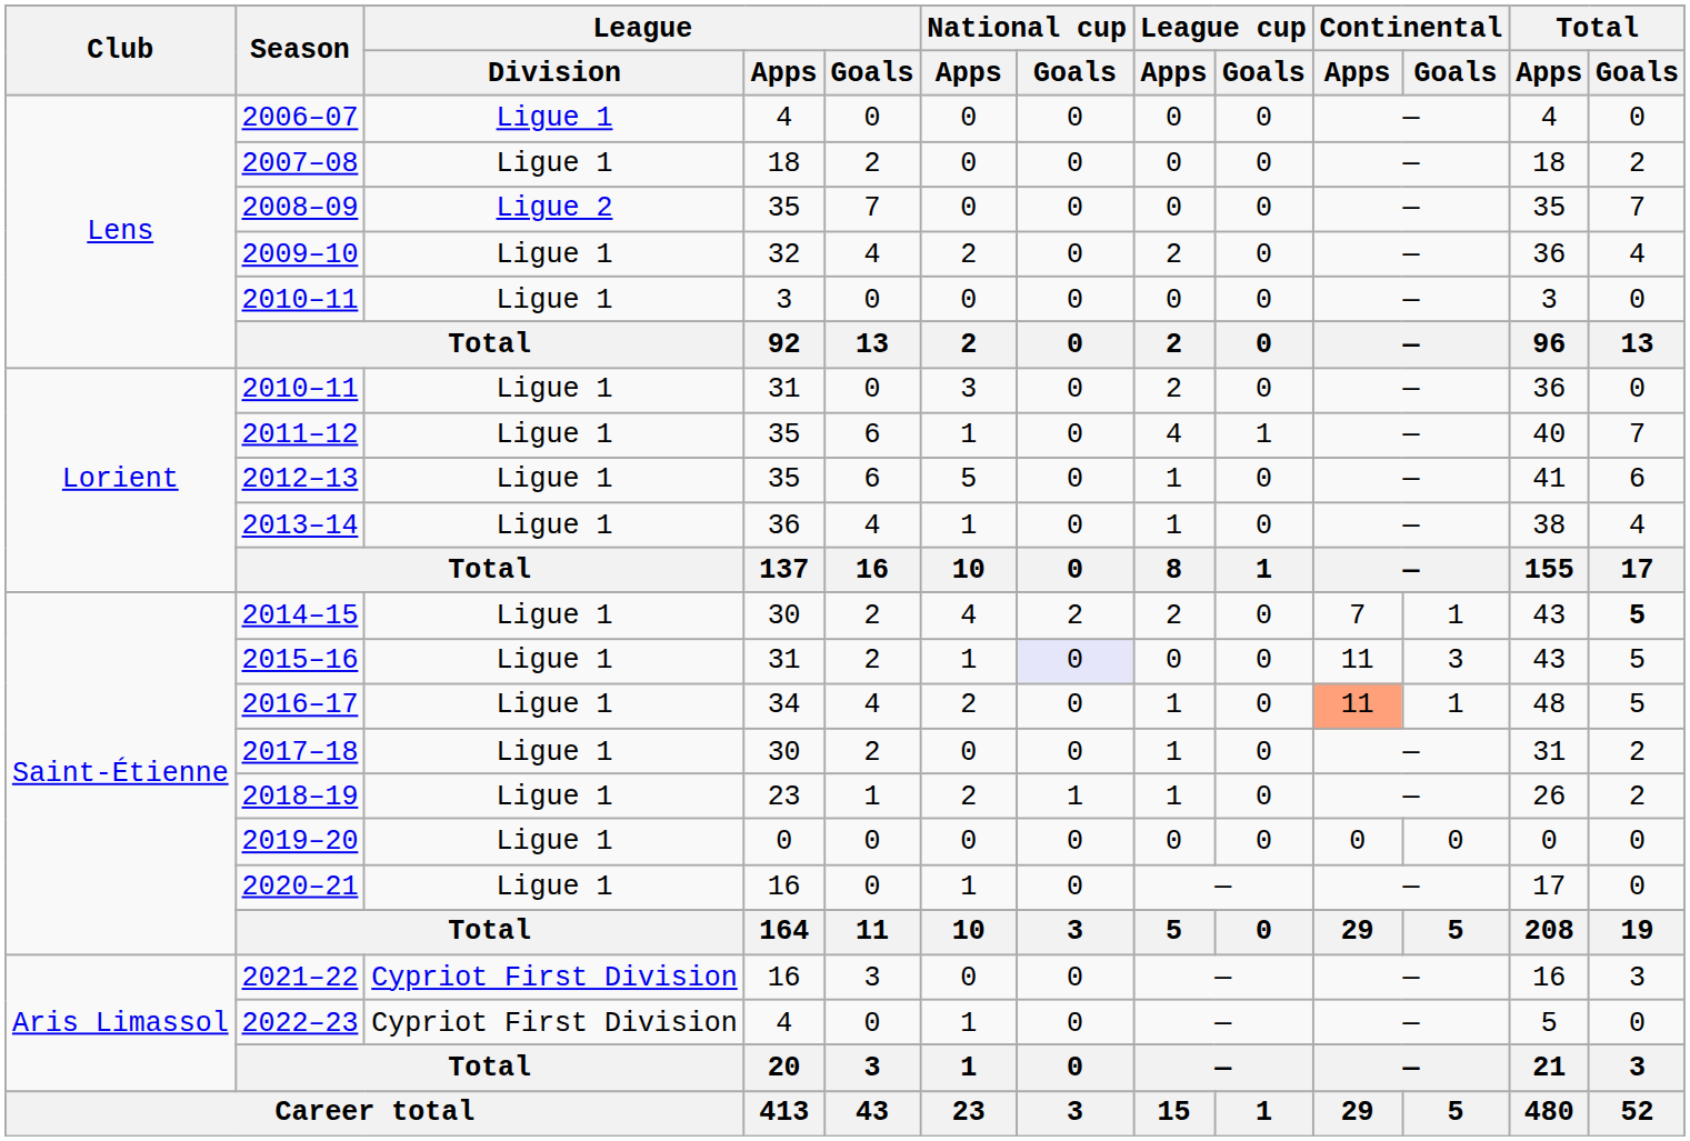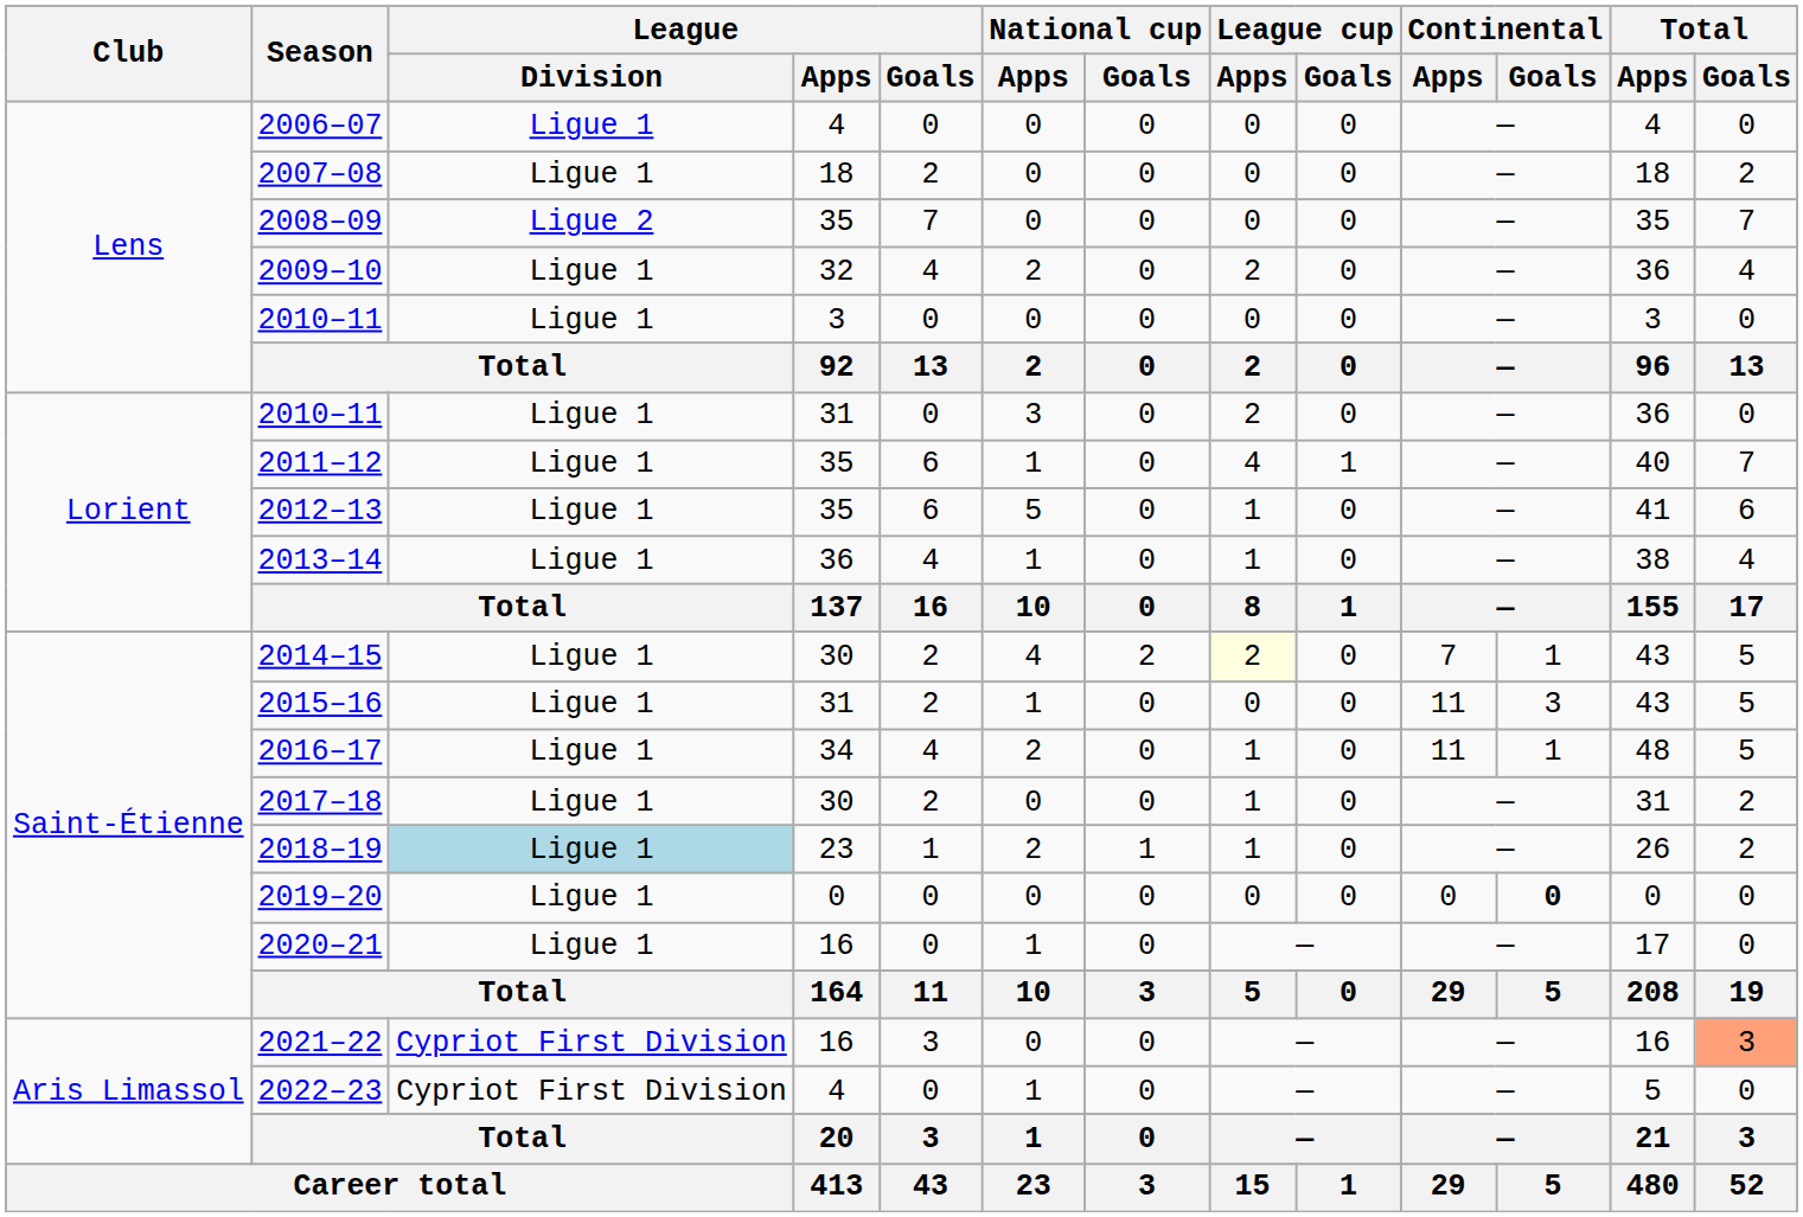 <table class="wikitable" style="text-align:center">
 <tr>
 <th rowspan="2">Club</th>
 <th rowspan="2">Season</th>
 <th colspan="3">League</th>
 <th colspan="2">National cup</th>
 <th colspan="2">League cup</th>
 <th colspan="2">Continental</th>
 <th colspan="2">Total</th>
 </tr>
 <tr>
 <th>Division</th>
 <th>Apps</th>
 <th>Goals</th>
 <th>Apps</th>
 <th>Goals</th>
 <th>Apps</th>
 <th>Goals</th>
 <th>Apps</th>
 <th>Goals</th>
 <th>Apps</th>
 <th>Goals</th>
 </tr>
 <tr>
 <td rowspan="6"><a href='#'>Lens</a></td>
 <td><a href='#'>2006–07</a></td>
 <td><a href='#'>Ligue 1</a></td>
 <td>4</td>
 <td>0</td>
 <td>0</td>
 <td>0</td>
 <td>0</td>
 <td>0</td>
 <td colspan="2">—</td>
 <td>4</td>
 <td>0</td>
 </tr>
 <tr>
 <td><a href='#'>2007–08</a></td>
 <td>Ligue 1</td>
 <td>18</td>
 <td>2</td>
 <td>0</td>
 <td>0</td>
 <td>0</td>
 <td>0</td>
 <td colspan="2">—</td>
 <td>18</td>
 <td>2</td>
 </tr>
 <tr>
 <td><a href='#'>2008–09</a></td>
 <td><a href='#'>Ligue 2</a></td>
 <td>35</td>
 <td>7</td>
 <td>0</td>
 <td>0</td>
 <td>0</td>
 <td>0</td>
 <td colspan="2">—</td>
 <td>35</td>
 <td>7</td>
 </tr>
 <tr>
 <td><a href='#'>2009–10</a></td>
 <td>Ligue 1</td>
 <td>32</td>
 <td>4</td>
 <td>2</td>
 <td>0</td>
 <td>2</td>
 <td>0</td>
 <td colspan="2">—</td>
 <td>36</td>
 <td>4</td>
 </tr>
 <tr>
 <td><a href='#'>2010–11</a></td>
 <td>Ligue 1</td>
 <td>3</td>
 <td>0</td>
 <td>0</td>
 <td>0</td>
 <td>0</td>
 <td>0</td>
 <td colspan="2">—</td>
 <td>3</td>
 <td>0</td>
 </tr>
 <tr>
 <th colspan="2">Total</th>
 <th>92</th>
 <th>13</th>
 <th>2</th>
 <th>0</th>
 <th>2</th>
 <th>0</th>
 <th colspan="2">—</th>
 <th>96</th>
 <th>13</th>
 </tr>
 <tr>
 <td rowspan="5"><a href='#'>Lorient</a></td>
 <td><a href='#'>2010–11</a></td>
 <td>Ligue 1</td>
 <td>31</td>
 <td>0</td>
 <td>3</td>
 <td>0</td>
 <td>2</td>
 <td>0</td>
 <td colspan="2">—</td>
 <td>36</td>
 <td>0</td>
 </tr>
 <tr>
 <td><a href='#'>2011–12</a></td>
 <td>Ligue 1</td>
 <td>35</td>
 <td>6</td>
 <td>1</td>
 <td>0</td>
 <td>4</td>
 <td>1</td>
 <td colspan="2">—</td>
 <td>40</td>
 <td>7</td>
 </tr>
 <tr>
 <td><a href='#'>2012–13</a></td>
 <td>Ligue 1</td>
 <td>35</td>
 <td>6</td>
 <td>5</td>
 <td>0</td>
 <td>1</td>
 <td>0</td>
 <td colspan="2">—</td>
 <td>41</td>
 <td>6</td>
 </tr>
 <tr>
 <td><a href='#'>2013–14</a></td>
 <td>Ligue 1</td>
 <td>36</td>
 <td>4</td>
 <td>1</td>
 <td>0</td>
 <td>1</td>
 <td>0</td>
 <td colspan="2">—</td>
 <td>38</td>
 <td>4</td>
 </tr>
 <tr>
 <th colspan="2">Total</th>
 <th>137</th>
 <th>16</th>
 <th>10</th>
 <th>0</th>
 <th>8</th>
 <th>1</th>
 <th colspan="2">—</th>
 <th>155</th>
 <th>17</th>
 </tr>
 <tr>
 <td rowspan="8"><a href='#'>Saint-Étienne</a></td>
 <td><a href='#'>2014–15</a></td>
 <td>Ligue 1</td>
 <td>30</td>
 <td>2</td>
 <td>4</td>
 <td>2</td>
-<td>2</td>
+<td style="background: lightyellow;">2</td>
 <td>0</td>
 <td>7</td>
 <td>1</td>
 <td>43</td>
-<td><strong>5</strong></td>
+<td>5</td>
 </tr>
 <tr>
 <td><a href='#'>2015–16</a></td>
 <td>Ligue 1</td>
 <td>31</td>
 <td>2</td>
 <td>1</td>
-<td style="background: lavender;">0</td>
+<td>0</td>
 <td>0</td>
 <td>0</td>
 <td>11</td>
 <td>3</td>
 <td>43</td>
 <td>5</td>
 </tr>
 <tr>
 <td><a href='#'>2016–17</a></td>
 <td>Ligue 1</td>
 <td>34</td>
 <td>4</td>
 <td>2</td>
 <td>0</td>
 <td>1</td>
 <td>0</td>
-<td style="background: lightsalmon;">11</td>
+<td>11</td>
 <td>1</td>
 <td>48</td>
 <td>5</td>
 </tr>
 <tr>
 <td><a href='#'>2017–18</a></td>
 <td>Ligue 1</td>
 <td>30</td>
 <td>2</td>
 <td>0</td>
 <td>0</td>
 <td>1</td>
 <td>0</td>
 <td colspan="2">—</td>
 <td>31</td>
 <td>2</td>
 </tr>
 <tr>
 <td><a href='#'>2018–19</a></td>
-<td>Ligue 1</td>
+<td style="background: lightblue;">Ligue 1</td>
 <td>23</td>
 <td>1</td>
 <td>2</td>
 <td>1</td>
 <td>1</td>
 <td>0</td>
 <td colspan="2">—</td>
 <td>26</td>
 <td>2</td>
 </tr>
 <tr>
 <td><a href='#'>2019–20</a></td>
 <td>Ligue 1</td>
 <td>0</td>
 <td>0</td>
 <td>0</td>
 <td>0</td>
 <td>0</td>
 <td>0</td>
 <td>0</td>
-<td>0</td>
+<td><strong>0</strong></td>
 <td>0</td>
 <td>0</td>
 </tr>
 <tr>
 <td><a href='#'>2020–21</a></td>
 <td>Ligue 1</td>
 <td>16</td>
 <td>0</td>
 <td>1</td>
 <td>0</td>
 <td colspan="2">—</td>
 <td colspan="2">—</td>
 <td>17</td>
 <td>0</td>
 </tr>
 <tr>
 <th colspan="2">Total</th>
 <th>164</th>
 <th>11</th>
 <th>10</th>
 <th>3</th>
 <th>5</th>
 <th>0</th>
 <th>29</th>
 <th>5</th>
 <th>208</th>
 <th>19</th>
 </tr>
 <tr>
 <td rowspan="3"><a href='#'>Aris Limassol</a></td>
 <td><a href='#'>2021–22</a></td>
 <td><a href='#'>Cypriot First Division</a></td>
 <td>16</td>
 <td>3</td>
 <td>0</td>
 <td>0</td>
 <td colspan="2">—</td>
 <td colspan="2">—</td>
 <td>16</td>
-<td>3</td>
+<td style="background: lightsalmon;">3</td>
 </tr>
 <tr>
 <td><a href='#'>2022–23</a></td>
 <td>Cypriot First Division</td>
 <td>4</td>
 <td>0</td>
 <td>1</td>
 <td>0</td>
 <td colspan="2">—</td>
 <td colspan="2">—</td>
 <td>5</td>
 <td>0</td>
 </tr>
 <tr>
 <th colspan="2">Total</th>
 <th>20</th>
 <th>3</th>
 <th>1</th>
 <th>0</th>
 <th colspan="2">—</th>
 <th colspan="2">—</th>
 <th>21</th>
 <th>3</th>
 </tr>
 <tr>
 <th colspan="3">Career total</th>
 <th>413</th>
 <th>43</th>
 <th>23</th>
 <th>3</th>
 <th>15</th>
 <th>1</th>
 <th>29</th>
 <th>5</th>
 <th>480</th>
 <th>52</th>
 </tr>
 </table>
